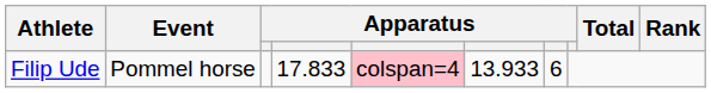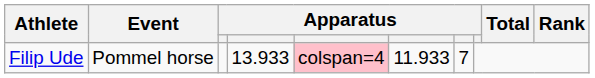 <table class="wikitable" style="font-size:90%">
 <tr>
 <th rowspan=2>Athlete</th>
 <th rowspan=2>Event</th>
 <th colspan=6>Apparatus</th>
 <th rowspan=2>Total</th>
 <th rowspan=2>Rank</th>
 </tr>
 <tr style="font-size:95%">
 <th></th>
 <th></th>
 <th></th>
 <th></th>
 <th></th>
 <th></th>
 </tr>
 <tr align=center>
 <td align=left><a href='#'>Filip Ude</a></td>
 <td align=left>Pommel horse</td>
 <td></td>
-<td>17.833</td>
+<td>13.933</td>
 <td style="background: pink;">colspan=4</td>
-<td>13.933</td>
-<td>6</td>
+<td>11.933</td>
+<td>7</td>
 </tr>
 </table>
